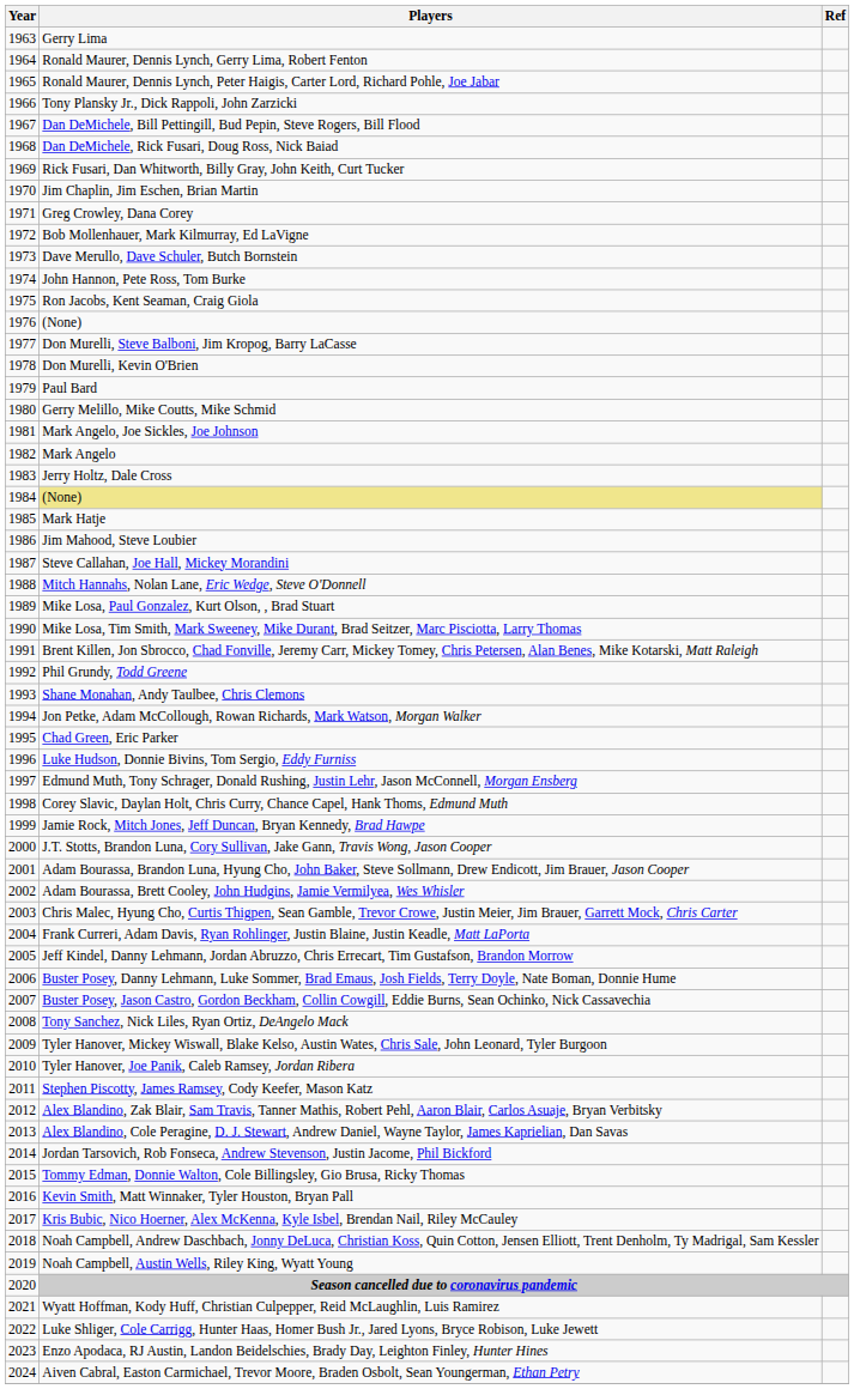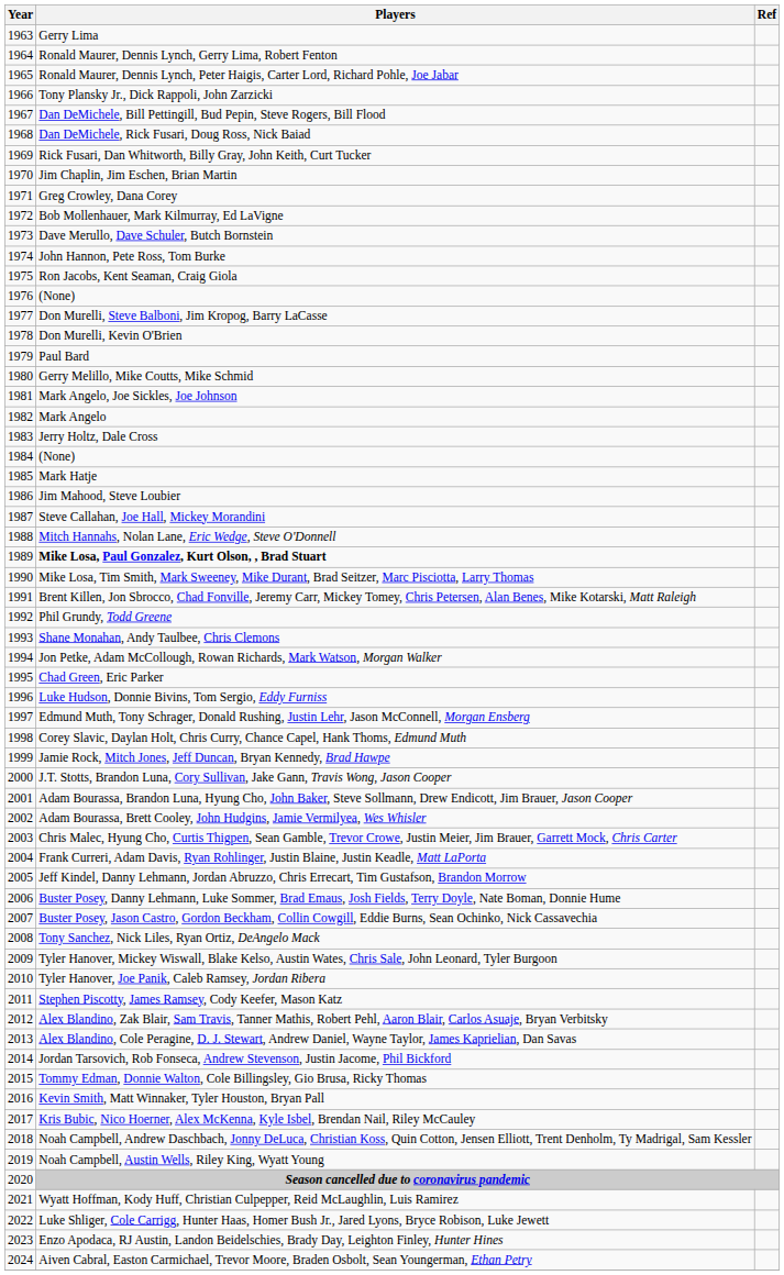 <table class="wikitable" style="text-align:center">
 <tr>
 <th scope="col">Year</th>
 <th scope="col">Players</th>
 <th scope="col">Ref</th>
 </tr>
 <tr>
 <td>1963</td>
 <td style="text-align:left">Gerry Lima</td>
 <td></td>
 </tr>
 <tr>
 <td>1964</td>
 <td style="text-align:left">Ronald Maurer, Dennis Lynch, Gerry Lima, Robert Fenton</td>
 <td></td>
 </tr>
 <tr>
 <td>1965</td>
 <td style="text-align:left">Ronald Maurer, Dennis Lynch, Peter Haigis, Carter Lord, Richard Pohle, <a href='#'>Joe Jabar</a></td>
 <td></td>
 </tr>
 <tr>
 <td>1966</td>
 <td style="text-align:left">Tony Plansky Jr., Dick Rappoli, John Zarzicki</td>
 <td></td>
 </tr>
 <tr>
 <td>1967</td>
 <td style="text-align:left"><a href='#'>Dan DeMichele</a>, Bill Pettingill, Bud Pepin, Steve Rogers, Bill Flood</td>
 <td></td>
 </tr>
 <tr>
 <td>1968</td>
 <td style="text-align:left"><a href='#'>Dan DeMichele</a>, Rick Fusari, Doug Ross, Nick Baiad</td>
 <td></td>
 </tr>
 <tr>
 <td>1969</td>
 <td style="text-align:left">Rick Fusari, Dan Whitworth, Billy Gray, John Keith, Curt Tucker</td>
 <td></td>
 </tr>
 <tr>
 <td>1970</td>
 <td style="text-align:left">Jim Chaplin, Jim Eschen, Brian Martin</td>
 <td></td>
 </tr>
 <tr>
 <td>1971</td>
 <td style="text-align:left">Greg Crowley, Dana Corey</td>
 <td></td>
 </tr>
 <tr>
 <td>1972</td>
 <td style="text-align:left">Bob Mollenhauer, Mark Kilmurray, Ed LaVigne</td>
 <td></td>
 </tr>
 <tr>
 <td>1973</td>
 <td style="text-align:left">Dave Merullo, <a href='#'>Dave Schuler</a>, Butch Bornstein</td>
 <td></td>
 </tr>
 <tr>
 <td>1974</td>
 <td style="text-align:left">John Hannon, Pete Ross, Tom Burke</td>
 <td></td>
 </tr>
 <tr>
 <td>1975</td>
 <td style="text-align:left">Ron Jacobs, Kent Seaman, Craig Giola</td>
 <td></td>
 </tr>
 <tr>
 <td>1976</td>
 <td style="text-align:left">(None)</td>
 <td></td>
 </tr>
 <tr>
 <td>1977</td>
 <td style="text-align:left">Don Murelli, <a href='#'>Steve Balboni</a>, Jim Kropog, Barry LaCasse</td>
 <td></td>
 </tr>
 <tr>
 <td>1978</td>
 <td style="text-align:left">Don Murelli, Kevin O'Brien</td>
 <td></td>
 </tr>
 <tr>
 <td>1979</td>
 <td style="text-align:left">Paul Bard</td>
 <td></td>
 </tr>
 <tr>
 <td>1980</td>
 <td style="text-align:left">Gerry Melillo, Mike Coutts, Mike Schmid</td>
 <td></td>
 </tr>
 <tr>
 <td>1981</td>
 <td style="text-align:left">Mark Angelo, Joe Sickles, <a href='#'>Joe Johnson</a></td>
 <td></td>
 </tr>
 <tr>
 <td>1982</td>
 <td style="text-align:left">Mark Angelo</td>
 <td></td>
 </tr>
 <tr>
 <td>1983</td>
 <td style="text-align:left">Jerry Holtz, Dale Cross</td>
 <td></td>
 </tr>
 <tr>
 <td>1984</td>
-<td style="background: khaki; text-align:left">(None)</td>
+<td style="text-align:left">(None)</td>
 <td></td>
 </tr>
 <tr>
 <td>1985</td>
 <td style="text-align:left">Mark Hatje</td>
 <td></td>
 </tr>
 <tr>
 <td>1986</td>
 <td style="text-align:left">Jim Mahood, Steve Loubier</td>
 <td></td>
 </tr>
 <tr>
 <td>1987</td>
 <td style="text-align:left">Steve Callahan, <a href='#'>Joe Hall</a>, <a href='#'>Mickey Morandini</a></td>
 <td></td>
 </tr>
 <tr>
 <td>1988</td>
 <td style="text-align:left"><a href='#'>Mitch Hannahs</a>, Nolan Lane, <em><a href='#'>Eric Wedge</a></em>, <em>Steve O'Donnell</em></td>
 <td></td>
 </tr>
 <tr>
 <td>1989</td>
-<td style="text-align:left">Mike Losa, <a href='#'>Paul Gonzalez</a>, Kurt Olson, , Brad Stuart</td>
+<td style="text-align:left"><strong>Mike Losa, <a href='#'>Paul Gonzalez</a>, Kurt Olson, , Brad Stuart</strong></td>
 <td></td>
 </tr>
 <tr>
 <td>1990</td>
 <td style="text-align:left">Mike Losa, Tim Smith, <a href='#'>Mark Sweeney</a>, <a href='#'>Mike Durant</a>, Brad Seitzer, <a href='#'>Marc Pisciotta</a>, <a href='#'>Larry Thomas</a></td>
 <td></td>
 </tr>
 <tr>
 <td>1991</td>
 <td style="text-align:left">Brent Killen, Jon Sbrocco, <a href='#'>Chad Fonville</a>, Jeremy Carr, Mickey Tomey, <a href='#'>Chris Petersen</a>, <a href='#'>Alan Benes</a>, Mike Kotarski, <em>Matt Raleigh</em></td>
 <td></td>
 </tr>
 <tr>
 <td>1992</td>
 <td style="text-align:left">Phil Grundy, <em><a href='#'>Todd Greene</a></em></td>
 <td></td>
 </tr>
 <tr>
 <td>1993</td>
 <td style="text-align:left"><a href='#'>Shane Monahan</a>, Andy Taulbee, <a href='#'>Chris Clemons</a></td>
 <td></td>
 </tr>
 <tr>
 <td>1994</td>
 <td style="text-align:left">Jon Petke, Adam McCollough, Rowan Richards, <a href='#'>Mark Watson</a>, <em>Morgan Walker</em></td>
 <td></td>
 </tr>
 <tr>
 <td>1995</td>
 <td style="text-align:left"><a href='#'>Chad Green</a>, Eric Parker</td>
 <td></td>
 </tr>
 <tr>
 <td>1996</td>
 <td style="text-align:left"><a href='#'>Luke Hudson</a>, Donnie Bivins, Tom Sergio, <em><a href='#'>Eddy Furniss</a></em></td>
 <td></td>
 </tr>
 <tr>
 <td>1997</td>
 <td style="text-align:left">Edmund Muth, Tony Schrager, Donald Rushing, <a href='#'>Justin Lehr</a>, Jason McConnell, <em><a href='#'>Morgan Ensberg</a></em></td>
 <td></td>
 </tr>
 <tr>
 <td>1998</td>
 <td style="text-align:left">Corey Slavic, Daylan Holt, Chris Curry, Chance Capel, Hank Thoms, <em>Edmund Muth</em></td>
 <td></td>
 </tr>
 <tr>
 <td>1999</td>
 <td style="text-align:left">Jamie Rock, <a href='#'>Mitch Jones</a>, <a href='#'>Jeff Duncan</a>, Bryan Kennedy, <em><a href='#'>Brad Hawpe</a></em></td>
 <td></td>
 </tr>
 <tr>
 <td>2000</td>
 <td style="text-align:left">J.T. Stotts, Brandon Luna, <a href='#'>Cory Sullivan</a>, Jake Gann, <em>Travis Wong</em>, <em>Jason Cooper</em></td>
 <td></td>
 </tr>
 <tr>
 <td>2001</td>
 <td style="text-align:left">Adam Bourassa, Brandon Luna, Hyung Cho, <a href='#'>John Baker</a>, Steve Sollmann, Drew Endicott, Jim Brauer, <em>Jason Cooper</em></td>
 <td></td>
 </tr>
 <tr>
 <td>2002</td>
 <td style="text-align:left">Adam Bourassa, Brett Cooley, <a href='#'>John Hudgins</a>, <a href='#'>Jamie Vermilyea</a>, <em><a href='#'>Wes Whisler</a></em></td>
 <td></td>
 </tr>
 <tr>
 <td>2003</td>
 <td style="text-align:left">Chris Malec, Hyung Cho, <a href='#'>Curtis Thigpen</a>, Sean Gamble, <a href='#'>Trevor Crowe</a>, Justin Meier, Jim Brauer, <a href='#'>Garrett Mock</a>, <em><a href='#'>Chris Carter</a></em></td>
 <td></td>
 </tr>
 <tr>
 <td>2004</td>
 <td style="text-align:left">Frank Curreri, Adam Davis, <a href='#'>Ryan Rohlinger</a>, Justin Blaine, Justin Keadle, <em><a href='#'>Matt LaPorta</a></em></td>
 <td></td>
 </tr>
 <tr>
 <td>2005</td>
 <td style="text-align:left">Jeff Kindel, Danny Lehmann, Jordan Abruzzo, Chris Errecart, Tim Gustafson, <a href='#'>Brandon Morrow</a></td>
 <td></td>
 </tr>
 <tr>
 <td>2006</td>
 <td style="text-align:left"><a href='#'>Buster Posey</a>, Danny Lehmann, Luke Sommer, <a href='#'>Brad Emaus</a>, <a href='#'>Josh Fields</a>, <a href='#'>Terry Doyle</a>, Nate Boman, Donnie Hume</td>
 <td></td>
 </tr>
 <tr>
 <td>2007</td>
 <td style="text-align:left"><a href='#'>Buster Posey</a>, <a href='#'>Jason Castro</a>, <a href='#'>Gordon Beckham</a>, <a href='#'>Collin Cowgill</a>, Eddie Burns, Sean Ochinko, Nick Cassavechia</td>
 <td></td>
 </tr>
 <tr>
 <td>2008</td>
 <td style="text-align:left"><a href='#'>Tony Sanchez</a>, Nick Liles, Ryan Ortiz, <em>DeAngelo Mack</em></td>
 <td></td>
 </tr>
 <tr>
 <td>2009</td>
 <td style="text-align:left">Tyler Hanover, Mickey Wiswall, Blake Kelso, Austin Wates, <a href='#'>Chris Sale</a>, John Leonard, Tyler Burgoon</td>
 <td></td>
 </tr>
 <tr>
 <td>2010</td>
 <td style="text-align:left">Tyler Hanover, <a href='#'>Joe Panik</a>, Caleb Ramsey, <em>Jordan Ribera</em></td>
 <td></td>
 </tr>
 <tr>
 <td>2011</td>
 <td style="text-align:left"><a href='#'>Stephen Piscotty</a>, <a href='#'>James Ramsey</a>, Cody Keefer, Mason Katz</td>
 <td></td>
 </tr>
 <tr>
 <td>2012</td>
 <td style="text-align:left"><a href='#'>Alex Blandino</a>, Zak Blair, <a href='#'>Sam Travis</a>, Tanner Mathis, Robert Pehl, <a href='#'>Aaron Blair</a>, <a href='#'>Carlos Asuaje</a>, Bryan Verbitsky</td>
 <td></td>
 </tr>
 <tr>
 <td>2013</td>
 <td style="text-align:left"><a href='#'>Alex Blandino</a>, Cole Peragine, <a href='#'>D. J. Stewart</a>, Andrew Daniel, Wayne Taylor, <a href='#'>James Kaprielian</a>, Dan Savas</td>
 <td></td>
 </tr>
 <tr>
 <td>2014</td>
 <td style="text-align:left">Jordan Tarsovich, Rob Fonseca, <a href='#'>Andrew Stevenson</a>, Justin Jacome, <a href='#'>Phil Bickford</a></td>
 <td></td>
 </tr>
 <tr>
 <td>2015</td>
 <td style="text-align:left"><a href='#'>Tommy Edman</a>, <a href='#'>Donnie Walton</a>, Cole Billingsley, Gio Brusa, Ricky Thomas</td>
 <td></td>
 </tr>
 <tr>
 <td>2016</td>
 <td style="text-align:left"><a href='#'>Kevin Smith</a>, Matt Winnaker, Tyler Houston, Bryan Pall</td>
 <td></td>
 </tr>
 <tr>
 <td>2017</td>
 <td style="text-align:left"><a href='#'>Kris Bubic</a>, <a href='#'>Nico Hoerner</a>, <a href='#'>Alex McKenna</a>, <a href='#'>Kyle Isbel</a>, Brendan Nail, Riley McCauley</td>
 <td></td>
 </tr>
 <tr>
 <td>2018</td>
 <td style="text-align:left">Noah Campbell, Andrew Daschbach, <a href='#'>Jonny DeLuca</a>, <a href='#'>Christian Koss</a>, Quin Cotton, Jensen Elliott, Trent Denholm, Ty Madrigal, Sam Kessler</td>
 <td></td>
 </tr>
 <tr>
 <td>2019</td>
 <td style="text-align:left">Noah Campbell, <a href='#'>Austin Wells</a>, Riley King, Wyatt Young</td>
 <td></td>
 </tr>
 <tr>
 <td>2020</td>
 <td colspan="2" align="center" bgcolor=#cccccc><strong><em>Season cancelled due to <a href='#'>coronavirus pandemic</a></em></strong></td>
 </tr>
 <tr>
 <td>2021</td>
 <td style="text-align:left">Wyatt Hoffman, Kody Huff, Christian Culpepper, Reid McLaughlin, Luis Ramirez</td>
 <td></td>
 </tr>
 <tr>
 <td>2022</td>
 <td style="text-align:left">Luke Shliger, <a href='#'>Cole Carrigg</a>, Hunter Haas, Homer Bush Jr., Jared Lyons, Bryce Robison, Luke Jewett</td>
 <td></td>
 </tr>
 <tr>
 <td>2023</td>
 <td style="text-align:left">Enzo Apodaca, RJ Austin, Landon Beidelschies, Brady Day, Leighton Finley, <em>Hunter Hines</em></td>
 <td></td>
 </tr>
 <tr>
 <td>2024</td>
 <td style="text-align:left">Aiven Cabral, Easton Carmichael, Trevor Moore, Braden Osbolt, Sean Youngerman, <em><a href='#'>Ethan Petry</a></em></td>
 <td></td>
 </tr>
 <tr>
 </tr>
 </table>
